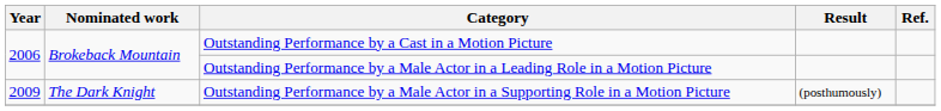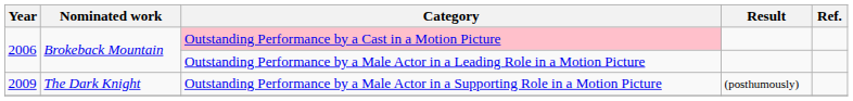 <table class="wikitable sortable" width=75%>
 <tr>
 <th width = 33px>Year</th>
 <th>Nominated work</th>
 <th>Category</th>
 <th>Result</th>
 <th width = 33px>Ref.</th>
 </tr>
 <tr>
 <td rowspan=2><a href='#'>2006</a></td>
 <td rowspan=2><em><a href='#'>Brokeback Mountain</a></em></td>
-<td><a href='#'>Outstanding Performance by a Cast in a Motion Picture</a></td>
+<td style="background: pink;"><a href='#'>Outstanding Performance by a Cast in a Motion Picture</a></td>
 <td> </td>
 <td></td>
 </tr>
 <tr>
 <td><a href='#'>Outstanding Performance by a Male Actor in a Leading Role in a Motion Picture</a></td>
 <td></td>
 <td></td>
 </tr>
 <tr>
 <td><a href='#'>2009</a></td>
 <td><em><a href='#'>The Dark Knight</a></em></td>
 <td><a href='#'>Outstanding Performance by a Male Actor in a Supporting Role in a Motion Picture</a></td>
 <td> <small>(posthumously)</small></td>
 <td></td>
 </tr>
 <tr>
 </tr>
 </table>
